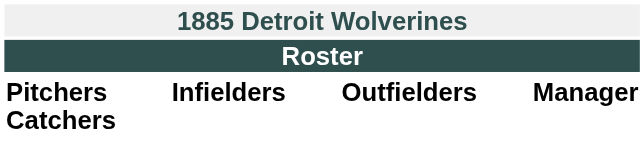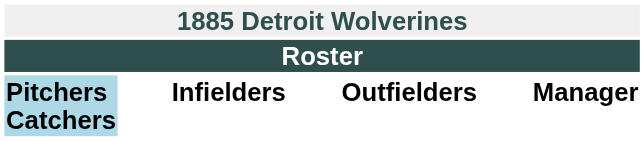 <table class="toccolours" style="font-size: 95%;">
 <tr>
 <th colspan="10" style="background-color: #F0F0F0; color: #2F4F4F; text-align: center;">1885 Detroit Wolverines</th>
 </tr>
 <tr>
 <td colspan="10" style="background-color: #2F4F4F; color: white; text-align: center;"><strong>Roster</strong></td>
 </tr>
 <tr>
-<td valign="top"><strong>Pitchers</strong><br>    <strong>Catchers</strong>     </td>
+<td valign="top" style="background: lightblue;"><strong>Pitchers</strong><br>    <strong>Catchers</strong>     </td>
 <td width="25px"></td>
 <td valign="top"><strong>Infielders</strong><br>            </td>
 <td width="25px"></td>
 <td valign="top"><strong>Outfielders</strong><br>     </td>
 <td width="25px"></td>
 <td valign="top"><strong>Manager</strong><br> </td>
 </tr>
 </table>
